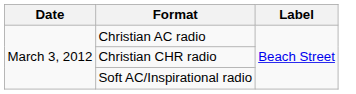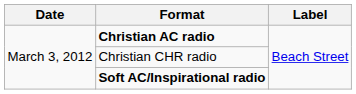 <table class="wikitable sortable plainrowheaders">
 <tr>
 <th scope="col">Date</th>
 <th scope="col">Format</th>
 <th scope="col">Label</th>
 </tr>
 <tr>
 <td rowspan="3">March 3, 2012</td>
-<td>Christian AC radio</td>
+<td><strong>Christian AC radio</strong></td>
 <td rowspan="3"><a href='#'>Beach Street</a></td>
 </tr>
 <tr>
 <td>Christian CHR radio</td>
 </tr>
 <tr>
-<td>Soft AC/Inspirational radio</td>
+<td><strong>Soft AC/Inspirational radio</strong></td>
 </tr>
 </table>
